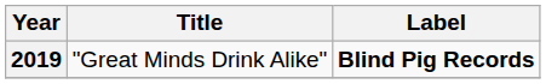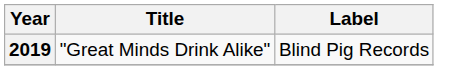 <table class="sortable wikitable">
 <tr>
 <th>Year</th>
 <th>Title</th>
 <th>Label</th>
 </tr>
 <tr>
 <th>2019</th>
 <td>"Great Minds Drink Alike"</td>
-<td><strong>Blind Pig Records</strong></td>
+<td>Blind Pig Records</td>
 </tr>
 <tr>
 </tr>
 </table>
